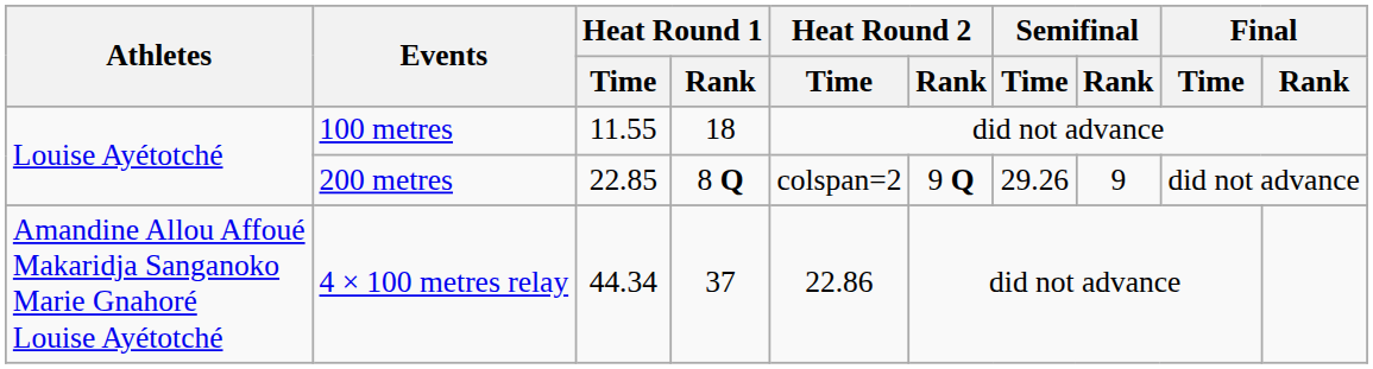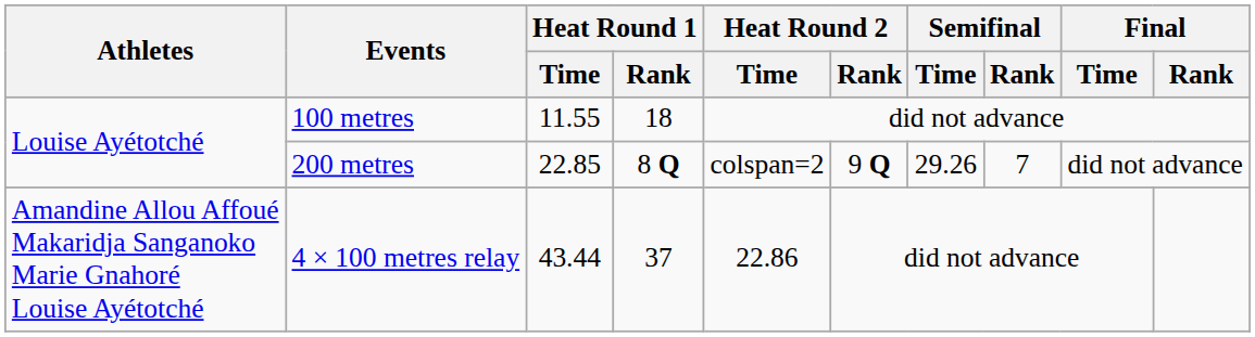 <table class=wikitable style=font-size:90%>
 <tr>
 <th rowspan=2>Athletes</th>
 <th rowspan=2>Events</th>
 <th colspan=2>Heat Round 1</th>
 <th colspan=2>Heat Round 2</th>
 <th colspan=2>Semifinal</th>
 <th colspan=2>Final</th>
 </tr>
 <tr>
 <th>Time</th>
 <th>Rank</th>
 <th>Time</th>
 <th>Rank</th>
 <th>Time</th>
 <th>Rank</th>
 <th>Time</th>
 <th>Rank</th>
 </tr>
 <tr>
 <td rowspan=2><a href='#'>Louise Ayétotché</a></td>
 <td><a href='#'>100 metres</a></td>
 <td align=center>11.55</td>
 <td align=center>18</td>
 <td align=center colspan=6>did not advance</td>
 </tr>
 <tr>
 <td><a href='#'>200 metres</a></td>
 <td align=center>22.85</td>
 <td align=center>8 <strong>Q</strong></td>
 <td>colspan=2</td>
 <td align=center>9 <strong>Q</strong></td>
 <td align=center>29.26</td>
-<td align=center>9</td>
+<td align=center>7</td>
 <td align=center colspan=2>did not advance</td>
 </tr>
 <tr>
 <td><a href='#'>Amandine Allou Affoué</a><br><a href='#'>Makaridja Sanganoko</a><br><a href='#'>Marie Gnahoré</a><br><a href='#'>Louise Ayétotché</a></td>
 <td><a href='#'>4 × 100 metres relay</a></td>
-<td align=center>44.34</td>
+<td align=center>43.44</td>
 <td align=center>37</td>
 <td align=center>22.86</td>
 <td align=center colspan=4>did not advance</td>
 </tr>
 </table>
